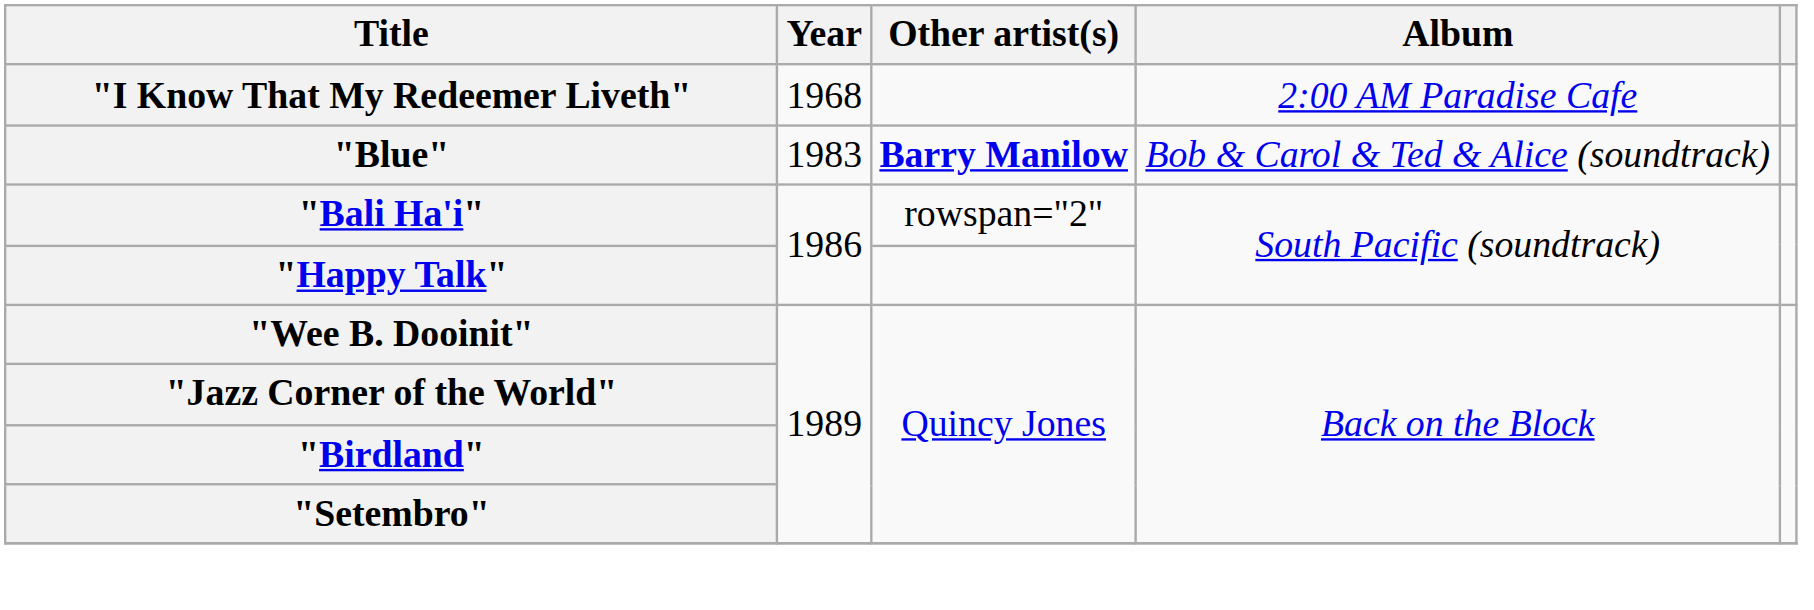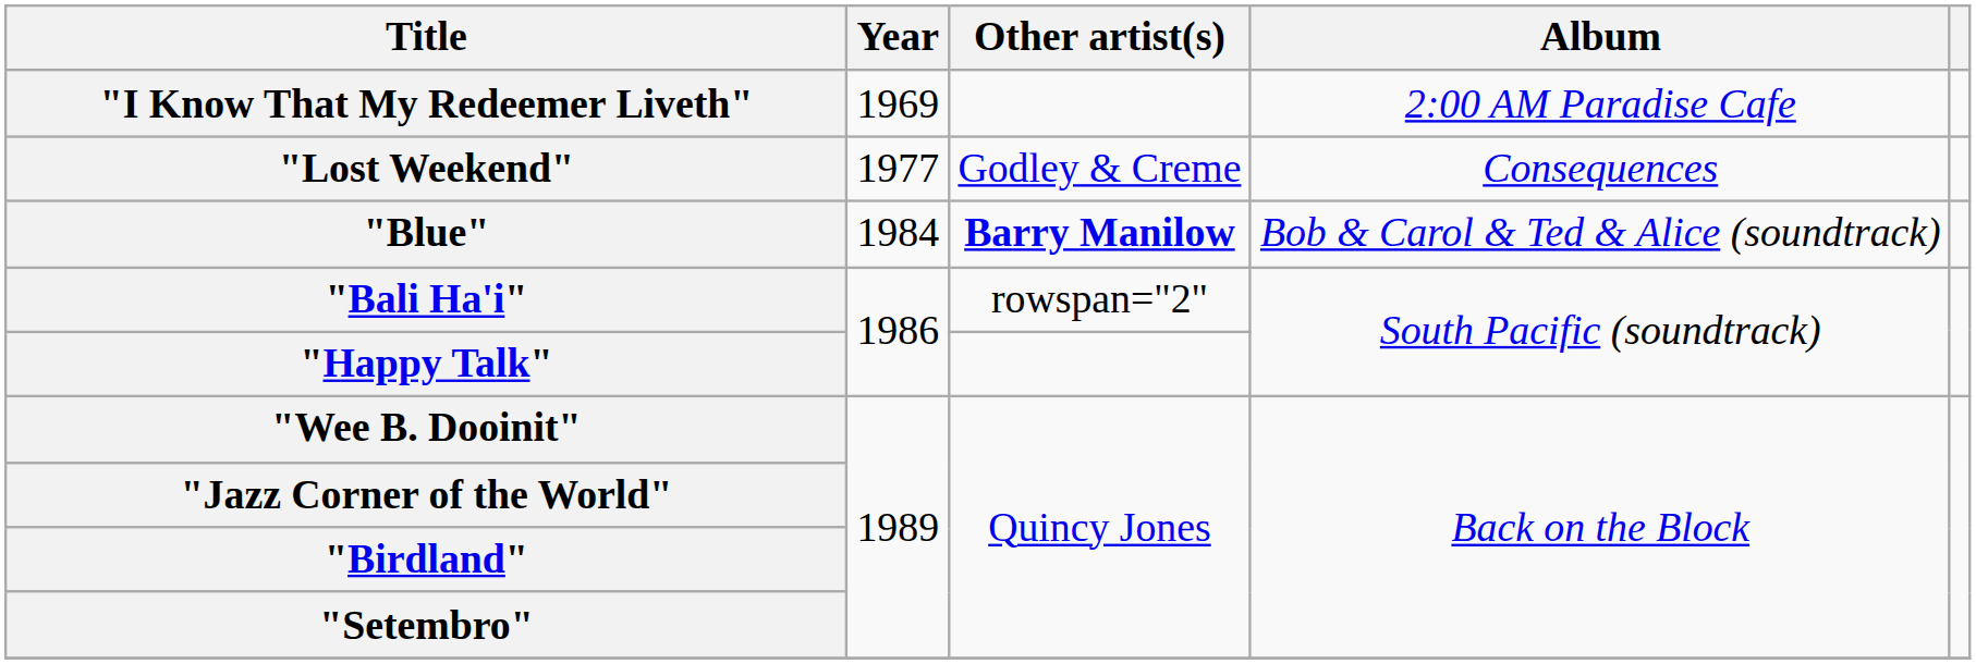 <table class="wikitable plainrowheaders" style="text-align:center;" border="1">
 <tr>
 <th scope="col" style="width:20em;">Title</th>
 <th scope="col">Year</th>
 <th scope="col">Other artist(s)</th>
 <th scope="col">Album</th>
 <th scope="col"></th>
 </tr>
 <tr>
 <th scope="row">"I Know That My Redeemer Liveth"</th>
-<td>1968</td>
+<td>1969</td>
 <td></td>
 <td><em><a href='#'>2:00 AM Paradise Cafe</a></em></td>
 <td></td>
 </tr>
 <tr>
+<th scope="row">"Lost Weekend"</th>
+<td>1977</td>
+<td><a href='#'>Godley & Creme</a></td>
+<td><em><a href='#'>Consequences</a></em></td>
+<td></td>
+</tr>
+<tr>
 <th scope="row">"Blue"</th>
-<td>1983</td>
+<td>1984</td>
 <td><strong><a href='#'>Barry Manilow</a></strong></td>
 <td><em><a href='#'>Bob & Carol & Ted & Alice</a> (soundtrack)</em></td>
 <td></td>
 </tr>
 <tr>
 <th scope="row">"<a href='#'>Bali Ha'i</a>"</th>
 <td rowspan="2">1986</td>
 <td>rowspan="2" </td>
 <td rowspan="2"><em><a href='#'>South Pacific</a> (soundtrack)</em></td>
 <td rowspan="2"></td>
 </tr>
 <tr>
 <th scope="row">"<a href='#'>Happy Talk</a>"</th>
 </tr>
 <tr>
 <th scope="row">"Wee B. Dooinit"</th>
 <td rowspan="4">1989</td>
 <td rowspan="4"><a href='#'>Quincy Jones</a></td>
 <td rowspan="4"><em><a href='#'>Back on the Block</a></em></td>
 <td rowspan="4"></td>
 </tr>
 <tr>
 <th scope="row">"Jazz Corner of the World"</th>
 </tr>
 <tr>
 <th scope="row">"<a href='#'>Birdland</a>"</th>
 </tr>
 <tr>
 <th scope="row">"Setembro"</th>
 </tr>
 <tr>
 </tr>
 </table>
